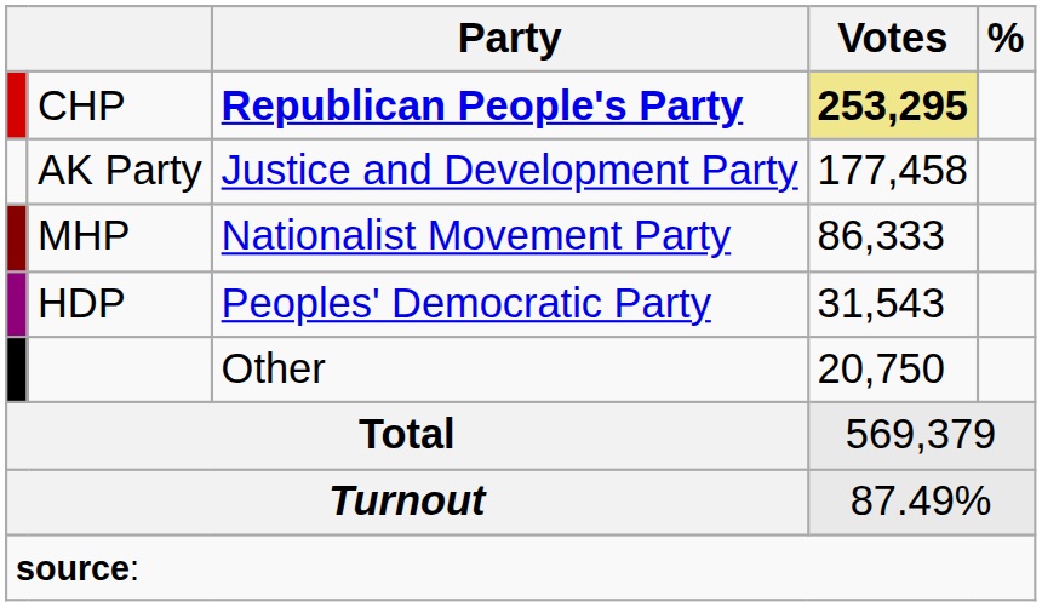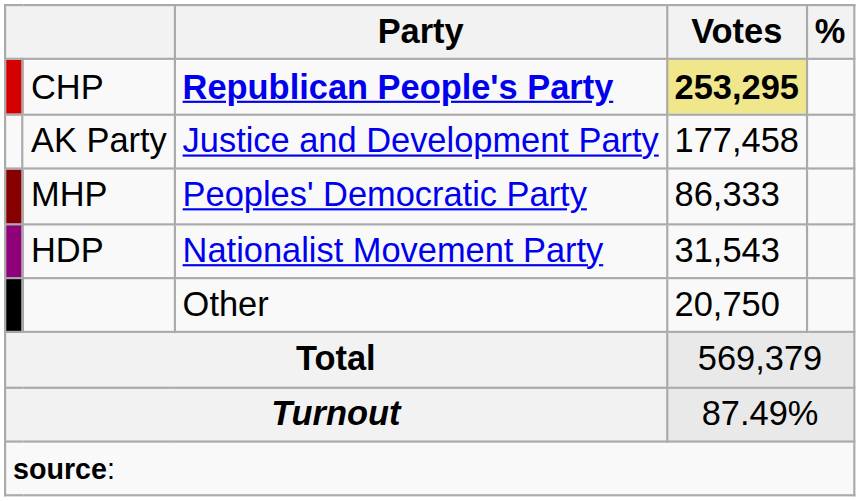 <table class="wikitable">
 <tr>
 <th colspan="2" align="center"></th>
 <th align="center">Party</th>
 <th align="center">Votes</th>
 <th align="center">%</th>
 </tr>
 <tr align="left">
 <td bgcolor="#d50000" width="1"></td>
 <td>CHP</td>
 <td><strong><a href='#'>Republican People's Party</a></strong></td>
 <td style="background: khaki;"><strong>253,295</strong></td>
 <td><strong></strong></td>
 </tr>
 <tr align="left">
 <td></td>
 <td>AK Party</td>
 <td><a href='#'>Justice and Development Party</a></td>
 <td>177,458</td>
 <td></td>
 </tr>
 <tr align="left">
 <td bgcolor="#870000" width="1"></td>
 <td>MHP</td>
-<td><a href='#'>Nationalist Movement Party</a></td>
+<td><a href='#'>Peoples' Democratic Party</a></td>
 <td>86,333</td>
 <td></td>
 </tr>
 <tr align="left">
 <td bgcolor="#91007B" width="1"></td>
 <td>HDP</td>
-<td><a href='#'>Peoples' Democratic Party</a></td>
+<td><a href='#'>Nationalist Movement Party</a></td>
 <td>31,543</td>
 <td></td>
 </tr>
 <tr align="left">
 <td bgcolor=" " width="1"></td>
 <td></td>
 <td>Other</td>
 <td>20,750</td>
 <td></td>
 </tr>
 <tr align="left" style="background-color:#E9E9E9">
 <th colspan="3" align="center"><strong>Total</strong></th>
 <td colspan="5" align="center">569,379</td>
 </tr>
 <tr align="left" style="background-color:#E9E9E9">
 <th colspan="3" align="center"><em>Turnout</em></th>
 <td colspan="5" align="center">87.49%</td>
 </tr>
 <tr>
 <td colspan="9" align="left"><small><strong>source</strong>: </small></td>
 </tr>
 </table>
